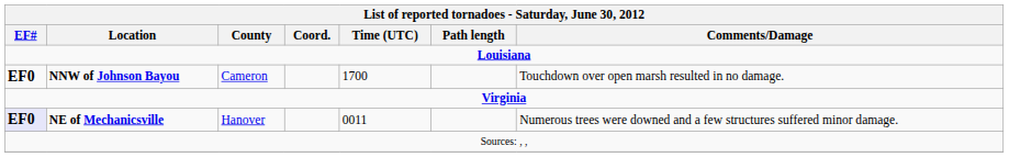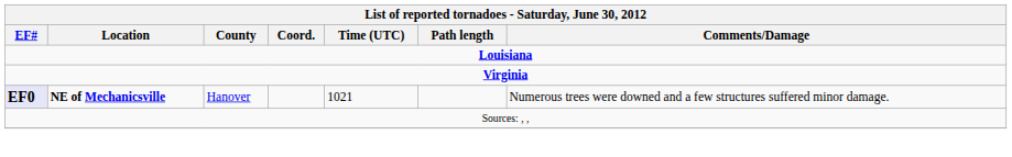 <table class="wikitable collapsible" width="100%">
 <tr>
 <th colspan="7">List of reported tornadoes - Saturday, June 30, 2012</th>
 </tr>
 <tr>
 <th><a href='#'>EF#</a></th>
 <th>Location</th>
 <th>County</th>
 <th>Coord.</th>
 <th>Time (UTC)</th>
 <th>Path length</th>
 <th>Comments/Damage</th>
 </tr>
 <tr>
 <td colspan="7" align=center><strong><a href='#'>Louisiana</a></strong></td>
 </tr>
 <tr>
-<td><big><strong>EF0</strong></big></td>
-<td><strong>NNW of <a href='#'>Johnson Bayou</a></strong></td>
-<td><a href='#'>Cameron</a></td>
-<td></td>
-<td>1700</td>
-<td></td>
-<td>Touchdown over open marsh resulted in no damage.</td>
-</tr>
-<tr>
 <td colspan="7" align=center><strong><a href='#'>Virginia</a></strong></td>
 </tr>
 <tr>
 <td style="background: lavender;"><big><strong>EF0</strong></big></td>
 <td><strong>NE of <a href='#'>Mechanicsville</a></strong></td>
 <td><a href='#'>Hanover</a></td>
 <td></td>
-<td>0011</td>
+<td>1021</td>
 <td></td>
 <td>Numerous trees were downed and a few structures suffered minor damage.</td>
 </tr>
 <tr>
 <td colspan="7" align=center><small>Sources: , , </small></td>
 </tr>
 <tr>
 </tr>
 </table>
